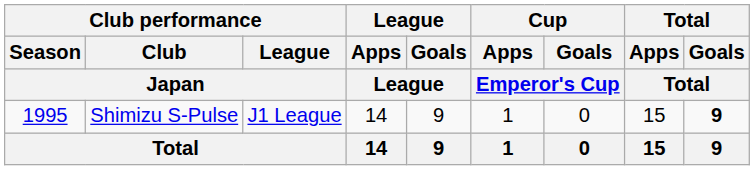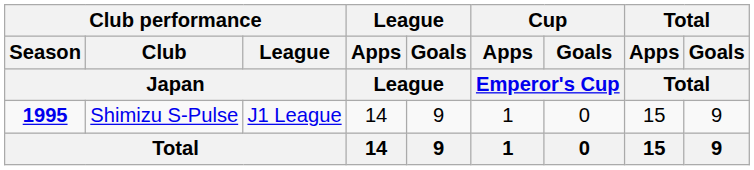 <table class="wikitable" style="text-align:center;">
 <tr>
 <th colspan=3>Club performance</th>
 <th colspan=2>League</th>
 <th colspan=2>Cup</th>
 <th colspan=2>Total</th>
 </tr>
 <tr>
 <th>Season</th>
 <th>Club</th>
 <th>League</th>
 <th>Apps</th>
 <th>Goals</th>
 <th>Apps</th>
 <th>Goals</th>
 <th>Apps</th>
 <th>Goals</th>
 </tr>
 <tr>
 <th colspan=3>Japan</th>
 <th colspan=2>League</th>
 <th colspan=2><a href='#'>Emperor's Cup</a></th>
 <th colspan=2>Total</th>
 </tr>
 <tr>
-<td><a href='#'>1995</a></td>
+<td><strong><a href='#'>1995</a></strong></td>
 <td><a href='#'>Shimizu S-Pulse</a></td>
 <td><a href='#'>J1 League</a></td>
 <td>14</td>
 <td>9</td>
 <td>1</td>
 <td>0</td>
 <td>15</td>
-<td><strong>9</strong></td>
+<td>9</td>
 </tr>
 <tr>
 <th colspan=3>Total</th>
 <th>14</th>
 <th>9</th>
 <th>1</th>
 <th>0</th>
 <th>15</th>
 <th>9</th>
 </tr>
 </table>
